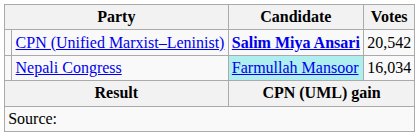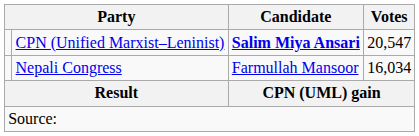 <table class="wikitable">
 <tr>
 <th colspan="2">Party</th>
 <th>Candidate</th>
 <th>Votes</th>
 </tr>
 <tr>
 <td style="background-color:"></td>
 <td><a href='#'>CPN (Unified Marxist–Leninist)</a></td>
 <td><strong><a href='#'>Salim Miya Ansari</a></strong></td>
-<td>20,542</td>
+<td>20,547</td>
 </tr>
 <tr>
 <td style="background-color:"></td>
 <td><a href='#'>Nepali Congress</a></td>
-<td style="background: paleturquoise;"><a href='#'>Farmullah Mansoor</a></td>
+<td><a href='#'>Farmullah Mansoor</a></td>
 <td>16,034</td>
 </tr>
 <tr>
 <th colspan="2">Result</th>
 <th colspan="2">CPN (UML) gain</th>
 </tr>
 <tr>
 <td colspan="4">Source: </td>
 </tr>
 </table>
